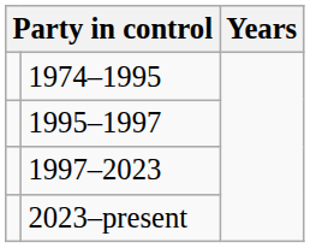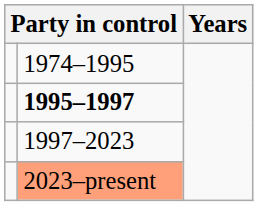 <table class="wikitable">
 <tr>
 <th colspan=2>Party in control</th>
 <th>Years</th>
 </tr>
 <tr>
 <td></td>
 <td>1974–1995</td>
 </tr>
 <tr>
 <td></td>
-<td>1995–1997</td>
+<td><strong>1995–1997</strong></td>
 </tr>
 <tr>
 <td></td>
 <td>1997–2023</td>
 </tr>
 <tr>
 <td></td>
-<td>2023–present</td>
+<td style="background: lightsalmon;">2023–present</td>
 </tr>
 </table>
